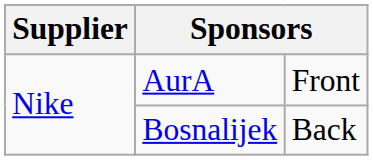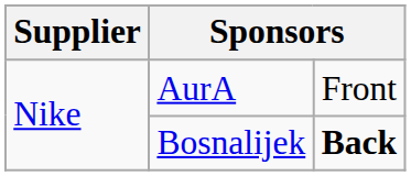 <table class="wikitable">
 <tr>
 <th>Supplier</th>
 <th colspan=2>Sponsors</th>
 </tr>
 <tr>
 <td rowspan=2> <a href='#'>Nike</a></td>
 <td> <a href='#'>AurA</a></td>
 <td>Front</td>
 </tr>
 <tr>
 <td> <a href='#'>Bosnalijek</a></td>
-<td rowspan=1>Back</td>
+<td rowspan=1><strong>Back</strong></td>
 </tr>
 </table>
